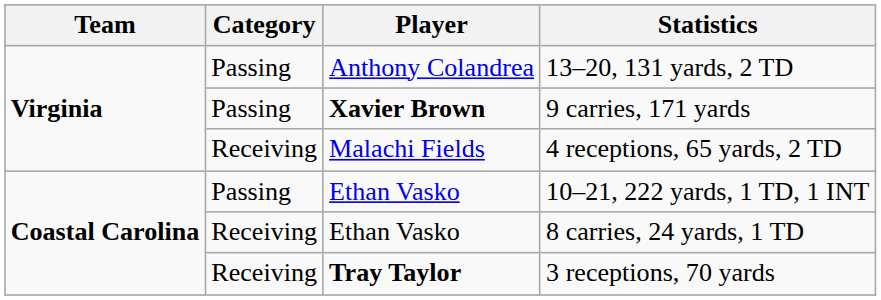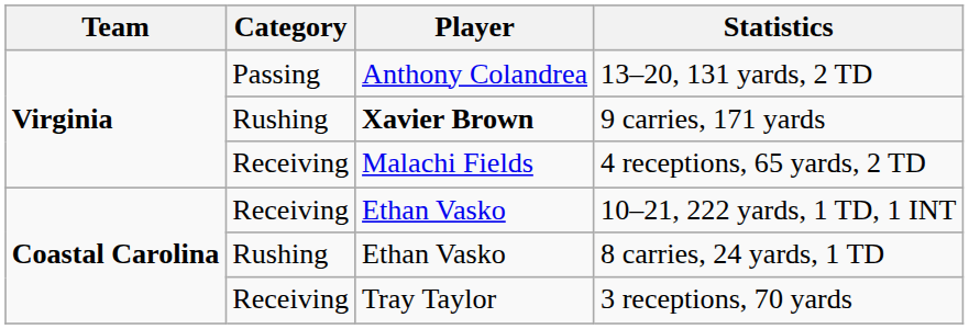 <table class="wikitable" style="float: right;">
 <tr>
 <th>Team</th>
 <th>Category</th>
 <th>Player</th>
 <th>Statistics</th>
 </tr>
 <tr>
 <td rowspan=3><strong>Virginia</strong></td>
 <td>Passing</td>
 <td><a href='#'>Anthony Colandrea</a></td>
 <td>13–20, 131 yards, 2 TD</td>
 </tr>
 <tr>
-<td>Passing</td>
+<td>Rushing</td>
 <td><strong>Xavier Brown</strong></td>
 <td>9 carries, 171 yards</td>
 </tr>
 <tr>
 <td>Receiving</td>
 <td><a href='#'>Malachi Fields</a></td>
 <td>4 receptions, 65 yards, 2 TD</td>
 </tr>
 <tr>
 <td rowspan=3><strong>Coastal Carolina</strong></td>
-<td>Passing</td>
+<td>Receiving</td>
 <td><a href='#'>Ethan Vasko</a></td>
 <td>10–21, 222 yards, 1 TD, 1 INT</td>
 </tr>
 <tr>
-<td>Receiving</td>
+<td>Rushing</td>
 <td>Ethan Vasko</td>
 <td>8 carries, 24 yards, 1 TD</td>
 </tr>
 <tr>
 <td>Receiving</td>
-<td><strong>Tray Taylor</strong></td>
+<td>Tray Taylor</td>
 <td>3 receptions, 70 yards</td>
 </tr>
 </table>
